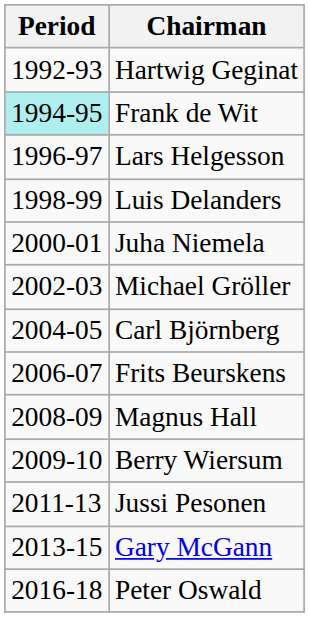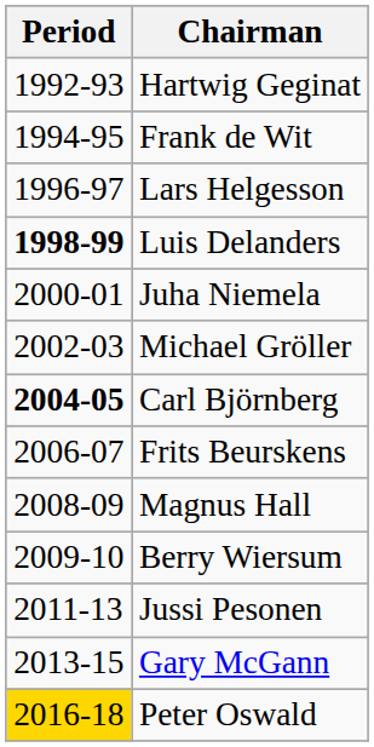 <table class="wikitable">
 <tr>
 <th>Period</th>
 <th>Chairman</th>
 </tr>
 <tr>
 <td>1992-93</td>
 <td>Hartwig Geginat</td>
 </tr>
 <tr>
-<td style="background: paleturquoise;">1994-95</td>
+<td>1994-95</td>
 <td>Frank de Wit</td>
 </tr>
 <tr>
 <td>1996-97</td>
 <td>Lars Helgesson</td>
 </tr>
 <tr>
-<td>1998-99</td>
+<td><strong>1998-99</strong></td>
 <td>Luis Delanders</td>
 </tr>
 <tr>
 <td>2000-01</td>
 <td>Juha Niemela</td>
 </tr>
 <tr>
 <td>2002-03</td>
 <td>Michael Gröller</td>
 </tr>
 <tr>
-<td>2004-05</td>
+<td><strong>2004-05</strong></td>
 <td>Carl Björnberg</td>
 </tr>
 <tr>
 <td>2006-07</td>
 <td>Frits Beurskens</td>
 </tr>
 <tr>
 <td>2008-09</td>
 <td>Magnus Hall</td>
 </tr>
 <tr>
 <td>2009-10</td>
 <td>Berry Wiersum</td>
 </tr>
 <tr>
 <td>2011-13</td>
 <td>Jussi Pesonen</td>
 </tr>
 <tr>
 <td>2013-15</td>
 <td><a href='#'>Gary McGann</a></td>
 </tr>
 <tr>
-<td>2016-18</td>
+<td style="background: gold;">2016-18</td>
 <td>Peter Oswald</td>
 </tr>
 </table>
